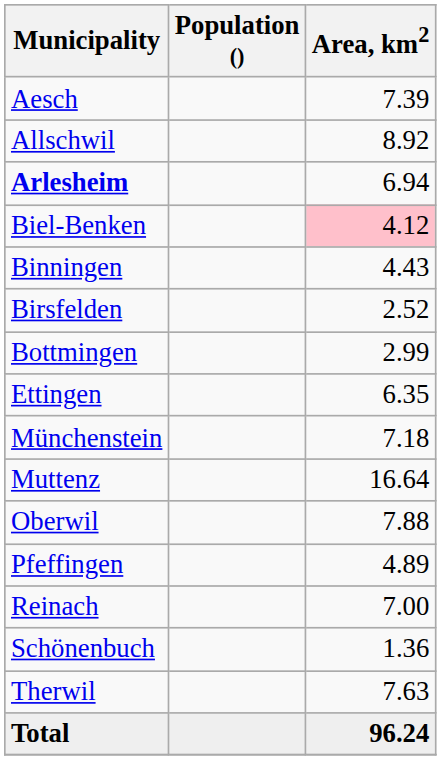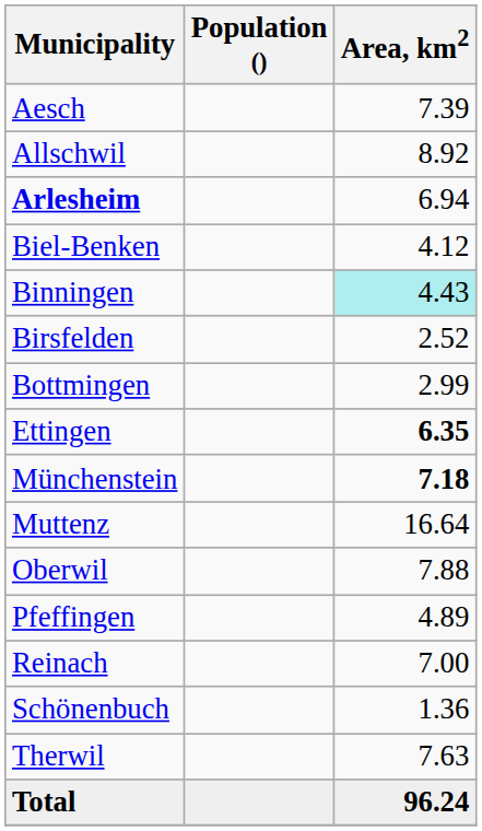 <table class="wikitable">
 <tr>
 <th>Municipality</th>
 <th>Population<br><small>()</small></th>
 <th>Area, km<sup>2</sup></th>
 </tr>
 <tr>
 <td><a href='#'>Aesch</a></td>
 <td align="center"></td>
 <td align="right">7.39</td>
 </tr>
 <tr>
 <td><a href='#'>Allschwil</a></td>
 <td align="center"></td>
 <td align="right">8.92</td>
 </tr>
 <tr>
 <td><strong><a href='#'>Arlesheim</a></strong></td>
 <td align="center"></td>
 <td align="right">6.94</td>
 </tr>
 <tr>
 <td><a href='#'>Biel-Benken</a></td>
 <td align="center"></td>
-<td align="right" style="background: pink;">4.12</td>
+<td align="right">4.12</td>
 </tr>
 <tr>
 <td><a href='#'>Binningen</a></td>
 <td align="center"></td>
-<td align="right">4.43</td>
+<td align="right" style="background: paleturquoise;">4.43</td>
 </tr>
 <tr>
 <td><a href='#'>Birsfelden</a></td>
 <td align="center"></td>
 <td align="right">2.52</td>
 </tr>
 <tr>
 <td><a href='#'>Bottmingen</a></td>
 <td align="center"></td>
 <td align="right">2.99</td>
 </tr>
 <tr>
 <td><a href='#'>Ettingen</a></td>
 <td align="center"></td>
-<td align="right">6.35</td>
+<td align="right"><strong>6.35</strong></td>
 </tr>
 <tr>
 <td><a href='#'>Münchenstein</a></td>
 <td align="center"></td>
-<td align="right">7.18</td>
+<td align="right"><strong>7.18</strong></td>
 </tr>
 <tr>
 <td><a href='#'>Muttenz</a></td>
 <td align="center"></td>
 <td align="right">16.64</td>
 </tr>
 <tr>
 <td><a href='#'>Oberwil</a></td>
 <td align="center"></td>
 <td align="right">7.88</td>
 </tr>
 <tr>
 <td><a href='#'>Pfeffingen</a></td>
 <td align="center"></td>
 <td align="right">4.89</td>
 </tr>
 <tr>
 <td><a href='#'>Reinach</a></td>
 <td align="center"></td>
 <td align="right">7.00</td>
 </tr>
 <tr>
 <td><a href='#'>Schönenbuch</a></td>
 <td align="center"></td>
 <td align="right">1.36</td>
 </tr>
 <tr>
 <td><a href='#'>Therwil</a></td>
 <td align="center"></td>
 <td align="right">7.63</td>
 </tr>
 <tr style="background-color:#EFEFEF;">
 <td align="Left"><strong>Total</strong></td>
 <td align="center"><strong></strong></td>
 <td align="right"><strong>96.24</strong></td>
 </tr>
 <tr>
 </tr>
 </table>
